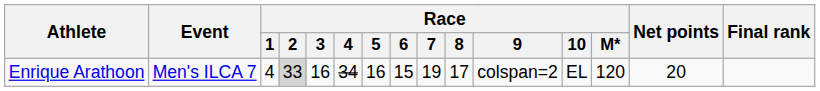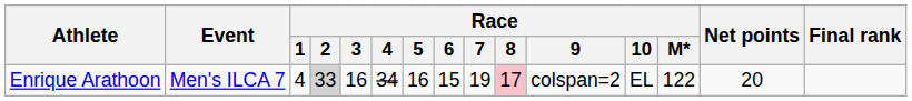 <table class="wikitable" style="font-size:90%">
 <tr>
 <th rowspan="2">Athlete</th>
 <th rowspan="2">Event</th>
 <th colspan=11>Race</th>
 <th rowspan=2>Net points</th>
 <th rowspan=2>Final rank</th>
 </tr>
 <tr style="font-size:95%">
 <th>1</th>
 <th>2</th>
 <th>3</th>
 <th>4</th>
 <th>5</th>
 <th>6</th>
 <th>7</th>
 <th>8</th>
 <th>9</th>
 <th>10</th>
 <th>M*</th>
 </tr>
 <tr align=center>
 <td align=left><a href='#'>Enrique Arathoon</a></td>
 <td align=left><a href='#'>Men's ILCA 7</a></td>
 <td>4</td>
 <td style="background: lightgrey;">33</td>
 <td>16</td>
 <td><s>34</s></td>
 <td>16</td>
 <td>15</td>
 <td>19</td>
-<td>17</td>
+<td style="background: pink;">17</td>
 <td>colspan=2 </td>
 <td>EL</td>
-<td>120</td>
+<td>122</td>
 <td>20</td>
 </tr>
 </table>
